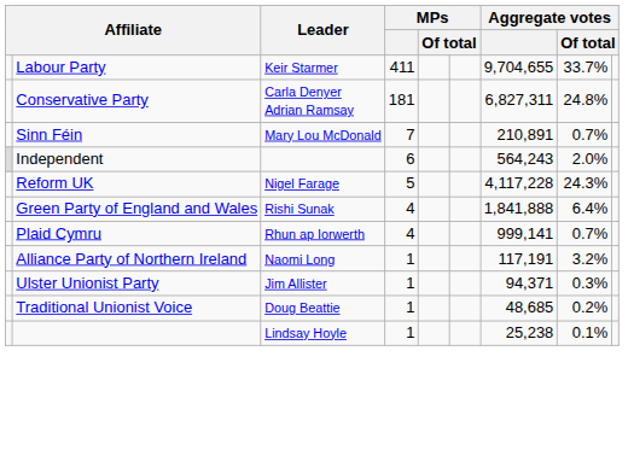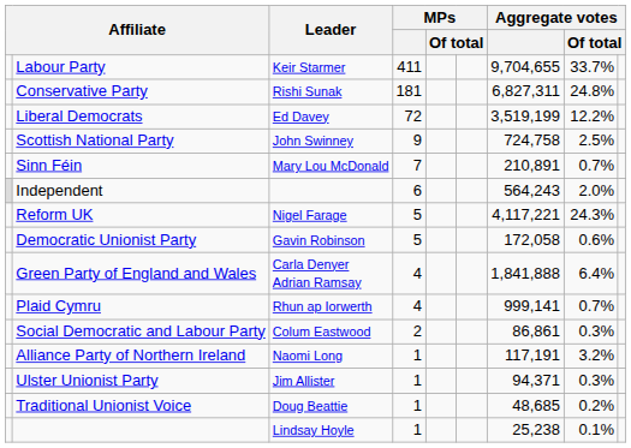 <table class="wikitable sortable" style="text-align:center;">
 <tr>
 <th colspan="2" rowspan="2">Affiliate</th>
 <th rowspan="2">Leader</th>
 <th colspan="3">MPs</th>
 <th colspan="3">Aggregate votes</th>
 </tr>
 <tr>
 <th></th>
 <th colspan=2>Of total</th>
 <th></th>
 <th colspan=2>Of total</th>
 </tr>
 <tr>
 <td style="color:inherit;background:"></td>
 <td style="text-align:left;"><a href='#'>Labour Party</a></td>
 <td style="text-align:left;"><small><a href='#'>Keir Starmer</a></small></td>
 <td style="text-align:right;">411</td>
 <td style="text-align:right;"></td>
 <td data-sort-value=""></td>
 <td style="text-align:right;">9,704,655</td>
 <td style="text-align:right;">33.7%</td>
 <td></td>
 </tr>
 <tr>
 <td style="color:inherit;background:"></td>
 <td style="text-align:left;"><a href='#'>Conservative Party</a></td>
-<td style="text-align:left;"><small><a href='#'>Carla Denyer</a><br><a href='#'>Adrian Ramsay</a></small></td>
+<td style="text-align:left;"><small><a href='#'>Rishi Sunak</a></small></td>
 <td style="text-align:right;">181</td>
 <td style="text-align:right;"></td>
 <td data-sort-value=""></td>
 <td style="text-align:right;">6,827,311</td>
 <td style="text-align:right;">24.8%</td>
+<td></td>
+</tr>
+<tr>
+<td style="color:inherit;background:"></td>
+<td style="text-align:left;"><a href='#'>Liberal Democrats</a></td>
+<td style="text-align:left;"><small><a href='#'>Ed Davey</a></small></td>
+<td style="text-align:right;">72</td>
+<td style="text-align:right;"></td>
+<td data-sort-value=""></td>
+<td style="text-align:right;">3,519,199</td>
+<td style="text-align:right;">12.2%</td>
+<td></td>
+</tr>
+<tr>
+<td style="color:inherit;background:"></td>
+<td style="text-align:left;"><a href='#'>Scottish National Party</a></td>
+<td style="text-align:left;"><small><a href='#'>John Swinney</a></small></td>
+<td style="text-align:right;">9</td>
+<td style="text-align:right;"></td>
+<td data-sort-value=""></td>
+<td style="text-align:right;">724,758</td>
+<td style="text-align:right;">2.5%</td>
 <td></td>
 </tr>
 <tr>
 <td style="color:inherit;background:"></td>
 <td style="text-align:left;"><a href='#'>Sinn Féin</a></td>
 <td style="text-align:left;"><small><a href='#'>Mary Lou McDonald</a></small></td>
 <td style="text-align:right;">7</td>
 <td style="text-align:right;"></td>
 <td data-sort-value=""></td>
 <td style="text-align:right;">210,891</td>
 <td style="text-align:right;">0.7%</td>
 <td></td>
 </tr>
 <tr>
 <td style="color:inherit;background:#dcdcdc;"></td>
 <td style="text-align:left;">Independent</td>
 <td></td>
 <td style="text-align:right;">6</td>
 <td style="text-align:right;"></td>
 <td data-sort-value=""></td>
 <td style="text-align:right;">564,243</td>
 <td style="text-align:right;">2.0%</td>
 <td></td>
 </tr>
 <tr>
 <td style="color:inherit;background:"></td>
 <td style="text-align:left;"><a href='#'>Reform UK</a></td>
 <td style="text-align:left;"><small><a href='#'>Nigel Farage</a></small></td>
 <td style="text-align:right;">5</td>
 <td style="text-align:right;"></td>
 <td data-sort-value=""></td>
-<td style="text-align:right;">4,117,228</td>
+<td style="text-align:right;">4,117,221</td>
 <td style="text-align:right;">24.3%</td>
 <td></td>
 </tr>
 <tr>
 <td style="color:inherit;background:"></td>
+<td style="text-align:left;"><a href='#'>Democratic Unionist Party</a></td>
+<td style="text-align:left;"><small><a href='#'>Gavin Robinson</a></small></td>
+<td style="text-align:right;">5</td>
+<td style="text-align:right;"></td>
+<td data-sort-value=""></td>
+<td style="text-align:right;">172,058</td>
+<td style="text-align:right;">0.6%</td>
+<td></td>
+</tr>
+<tr>
+<td style="color:inherit;background:"></td>
 <td style="text-align:left;"><a href='#'>Green Party of England and Wales</a></td>
-<td style="text-align:left;"><small><a href='#'>Rishi Sunak</a></small></td>
+<td style="text-align:left;"><small><a href='#'>Carla Denyer</a><br><a href='#'>Adrian Ramsay</a></small></td>
 <td style="text-align:right;">4</td>
 <td style="text-align:right;"></td>
 <td data-sort-value=""></td>
 <td style="text-align:right;">1,841,888</td>
 <td style="text-align:right;">6.4%</td>
 <td></td>
 </tr>
 <tr>
 <td style="color:inherit;background:"></td>
 <td style="text-align:left;"><a href='#'>Plaid Cymru</a></td>
 <td style="text-align:left;"><small><a href='#'>Rhun ap Iorwerth</a></small></td>
 <td style="text-align:right;">4</td>
 <td style="text-align:right;"></td>
 <td data-sort-value=""></td>
 <td style="text-align:right;">999,141</td>
 <td style="text-align:right;">0.7%</td>
+<td></td>
+</tr>
+<tr>
+<td style="color:inherit;background:"></td>
+<td style="text-align:left;"><a href='#'>Social Democratic and Labour Party</a></td>
+<td style="text-align:left;"><small><a href='#'>Colum Eastwood</a></small></td>
+<td style="text-align:right;">2</td>
+<td style="text-align:right;"></td>
+<td data-sort-value=""></td>
+<td style="text-align:right;">86,861</td>
+<td style="text-align:right;">0.3%</td>
 <td></td>
 </tr>
 <tr>
 <td style="color:inherit;background:"></td>
 <td style="text-align:left;"><a href='#'>Alliance Party of Northern Ireland</a></td>
 <td style="text-align:left;"><small><a href='#'>Naomi Long</a></small></td>
 <td style="text-align:right;">1</td>
 <td style="text-align:right;"></td>
 <td data-sort-value=""></td>
 <td style="text-align:right;">117,191</td>
 <td style="text-align:right;">3.2%</td>
 <td></td>
 </tr>
 <tr>
 <td style="color:inherit;background:"></td>
 <td style="text-align:left;"><a href='#'>Ulster Unionist Party</a></td>
 <td style="text-align:left;"><small><a href='#'>Jim Allister</a></small></td>
 <td style="text-align:right;">1</td>
 <td style="text-align:right;"></td>
 <td data-sort-value=""></td>
 <td style="text-align:right;">94,371</td>
 <td style="text-align:right;">0.3%</td>
 <td></td>
 </tr>
 <tr>
 <td style="color:inherit;background:"></td>
 <td style="text-align:left;"><a href='#'>Traditional Unionist Voice</a></td>
 <td style="text-align:left;"><small><a href='#'>Doug Beattie</a></small></td>
 <td style="text-align:right;">1</td>
 <td style="text-align:right;"></td>
 <td data-sort-value=""></td>
 <td style="text-align:right;">48,685</td>
 <td style="text-align:right;">0.2%</td>
 <td></td>
 </tr>
 <tr>
 <td style="color:inherit;background:"></td>
 <td></td>
 <td style="text-align:left;"><small><a href='#'>Lindsay Hoyle</a></small></td>
 <td style="text-align:right;">1</td>
 <td style="text-align:right;"></td>
 <td data-sort-value=""></td>
 <td style="text-align:right;">25,238</td>
 <td style="text-align:right;">0.1%</td>
 <td></td>
 </tr>
 </table>
